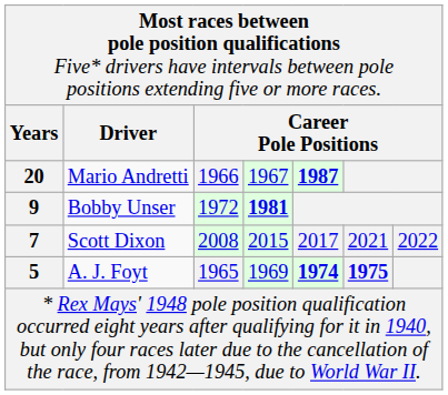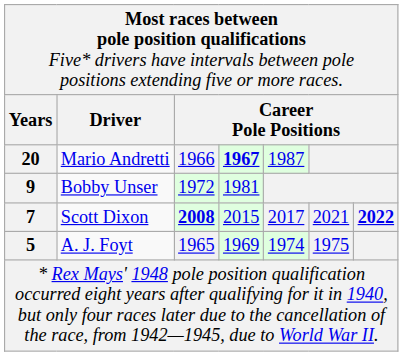 <table class="wikitable">
 <tr>
 <td style="background:#F2F2F2;" align="center" colspan="7"><strong>Most races between<br>pole position qualifications</strong><br><em>Five* drivers have intervals between pole<br>positions extending five or more races.</em></td>
 </tr>
 <tr>
 <td style="background:#F2F2F2;" align="center"><strong>Years</strong></td>
 <td style="background:#F2F2F2;" align="center"><strong>Driver</strong></td>
 <td style="background:#F2F2F2;" align="center" colspan="5"><strong>Career<br>Pole Positions</strong></td>
 </tr>
 <tr>
 <td style="background:#F2F2F2;" align="center"><strong>20</strong></td>
 <td> <a href='#'>Mario Andretti</a></td>
 <td style="background:#F2F2F2;" align="center"><a href='#'>1966</a></td>
-<td style="background:#DFFFDF;" align="center"><a href='#'>1967</a></td>
-<td style="background:#DFFFDF;" align="center"><strong><a href='#'>1987</a></strong></td>
+<td style="background:#DFFFDF;" align="center"><strong><a href='#'>1967</a></strong></td>
+<td style="background:#DFFFDF;" align="center"><a href='#'>1987</a></td>
 <td style="background:#F2F2F2;" align="center" colspan="2"> </td>
 </tr>
 <tr>
 <td style="background:#F2F2F2;" align="center"><strong>9</strong></td>
 <td> <a href='#'>Bobby Unser</a></td>
 <td style="background:#DFFFDF;" align="center"><a href='#'>1972</a></td>
-<td style="background:#DFFFDF;" align="center"><strong><a href='#'>1981</a></strong></td>
+<td style="background:#DFFFDF;" align="center"><a href='#'>1981</a></td>
 <td style="background:#F2F2F2;" align="center" colspan="3"> </td>
 </tr>
 <tr>
 <td style="background:#F2F2F2;" align="center"><strong>7</strong></td>
 <td> <a href='#'>Scott Dixon</a></td>
-<td style="background:#DFFFDF;" align="center"><a href='#'>2008</a></td>
+<td style="background:#DFFFDF;" align="center"><strong><a href='#'>2008</a></strong></td>
 <td style="background:#DFFFDF;" align="center"><a href='#'>2015</a></td>
 <td style="background:#F2F2F2;" align="center"><a href='#'>2017</a></td>
 <td style="background:#F2F2F2;" align="center"><a href='#'>2021</a></td>
-<td style="background:#F2F2F2;" align="center"><a href='#'>2022</a></td>
+<td style="background:#F2F2F2;" align="center"><strong><a href='#'>2022</a></strong></td>
 </tr>
 <tr>
 <td style="background:#F2F2F2;" align="center"><strong>5</strong></td>
 <td> <a href='#'>A. J. Foyt</a></td>
 <td style="background:#F2F2F2;" align="center"><a href='#'>1965</a></td>
 <td style="background:#DFFFDF;" align="center"><a href='#'>1969</a></td>
-<td style="background:#DFFFDF;" align="center"><strong><a href='#'>1974</a></strong></td>
-<td style="background:#F2F2F2;" align="center"><strong><a href='#'>1975</a></strong></td>
+<td style="background:#DFFFDF;" align="center"><a href='#'>1974</a></td>
+<td style="background:#F2F2F2;" align="center"><a href='#'>1975</a></td>
 <td style="background:#F2F2F2;" align="center"> </td>
 </tr>
 <tr>
 <td style="background:#F2F2F2;" align="center" colspan="7"><em>*  <a href='#'>Rex Mays</a>' <a href='#'>1948</a> pole position qualification<br>occurred eight years after qualifying for it in <a href='#'>1940</a>,<br>but only four races later due to the cancellation of<br>the race, from 1942—1945, due to <a href='#'>World War II</a>.</em></td>
 </tr>
 </table>
